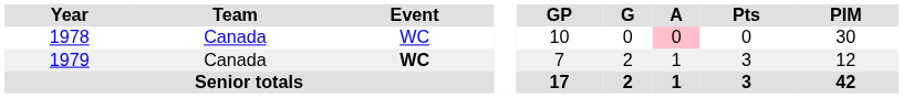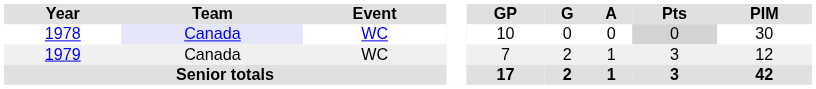 <table border="0" cellpadding="1" cellspacing="0" style="text-align:center; width:50em">
 <tr ALIGN="center" bgcolor="#e0e0e0">
 <th>Year</th>
 <th>Team</th>
 <th>Event</th>
 <th rowspan="99" bgcolor="#ffffff"> </th>
 <th>GP</th>
 <th>G</th>
 <th>A</th>
 <th>Pts</th>
 <th>PIM</th>
 </tr>
 <tr>
 <td><a href='#'>1978</a></td>
-<td><a href='#'>Canada</a></td>
+<td style="background: lavender;"><a href='#'>Canada</a></td>
 <td><a href='#'>WC</a></td>
 <td>10</td>
 <td>0</td>
-<td style="background: pink;">0</td>
 <td>0</td>
+<td style="background: lightgrey;">0</td>
 <td>30</td>
 </tr>
 <tr bgcolor="#f0f0f0">
 <td><a href='#'>1979</a></td>
 <td>Canada</td>
-<td><strong>WC</strong></td>
+<td>WC</td>
 <td>7</td>
 <td>2</td>
 <td>1</td>
 <td>3</td>
 <td>12</td>
 </tr>
 <tr style="background:#e0e0e0;">
 <th colspan="3">Senior totals</th>
 <th>17</th>
 <th>2</th>
 <th>1</th>
 <th>3</th>
 <th>42</th>
 </tr>
 </table>
